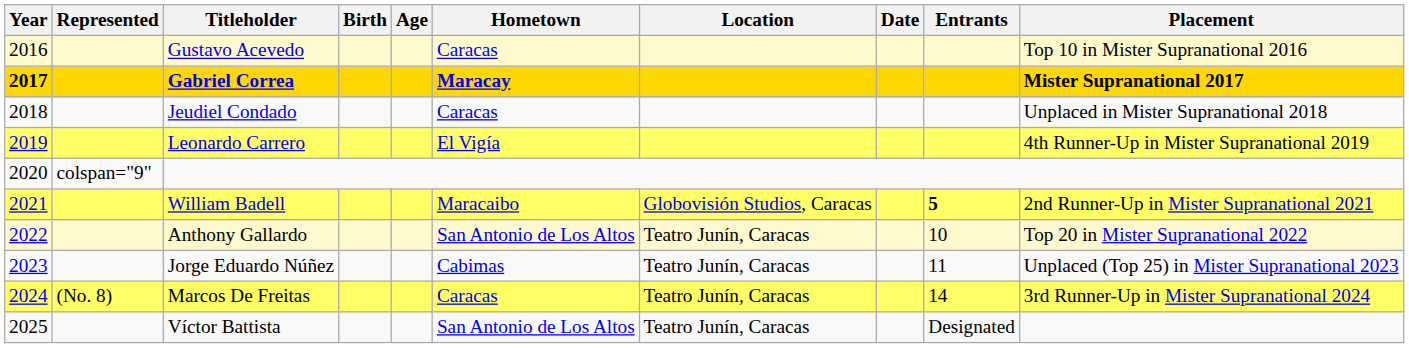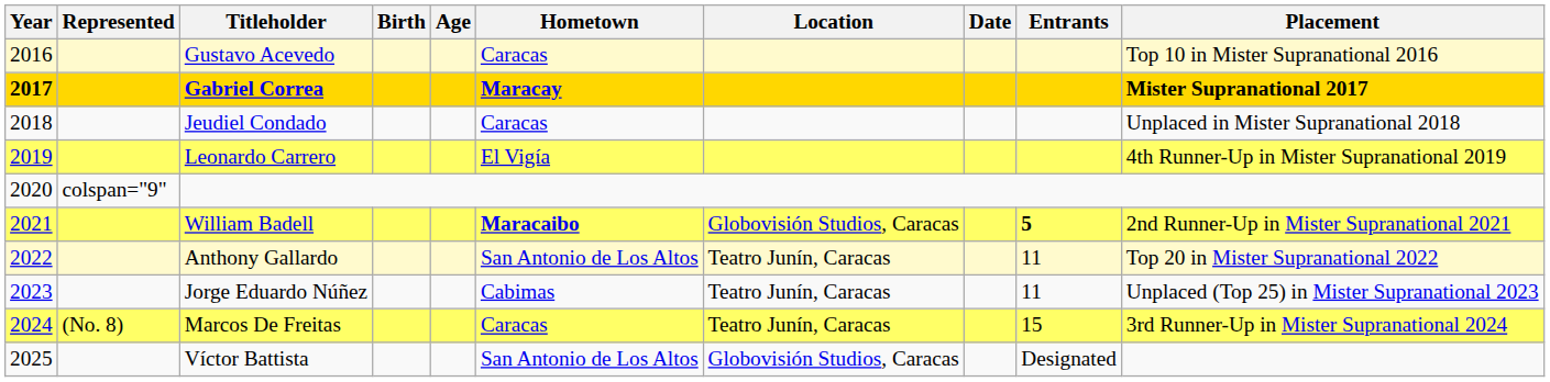 <table class="wikitable sortable" style="margin: 0 1em 0 0; background: #f9f9f9; border: 1px #aaa solid; border-collapse: collapse; font-size: 94%;">
 <tr>
 <th>Year</th>
 <th>Represented</th>
 <th>Titleholder</th>
 <th>Birth</th>
 <th>Age</th>
 <th>Hometown</th>
 <th>Location</th>
 <th>Date</th>
 <th>Entrants</th>
 <th>Placement</th>
 </tr>
 <tr style="background-color:#FFFACD;">
 <td>2016</td>
 <td></td>
 <td><a href='#'>Gustavo Acevedo</a></td>
 <td></td>
 <td></td>
 <td><a href='#'>Caracas</a></td>
 <td></td>
 <td></td>
 <td></td>
 <td>Top 10 in Mister Supranational 2016</td>
 </tr>
 <tr style="background-color:gold; font-weight: bold ">
 <td>2017</td>
 <td></td>
 <td><a href='#'>Gabriel Correa</a></td>
 <td></td>
 <td></td>
 <td><a href='#'>Maracay</a></td>
 <td></td>
 <td></td>
 <td></td>
 <td>Mister Supranational 2017</td>
 </tr>
 <tr>
 <td>2018</td>
 <td></td>
 <td><a href='#'>Jeudiel Condado</a></td>
 <td></td>
 <td></td>
 <td><a href='#'>Caracas</a></td>
 <td></td>
 <td></td>
 <td></td>
 <td>Unplaced in Mister Supranational 2018</td>
 </tr>
 <tr style="background-color:#FFFF66;">
 <td><a href='#'>2019</a></td>
 <td></td>
 <td><a href='#'>Leonardo Carrero</a></td>
 <td></td>
 <td></td>
 <td><a href='#'>El Vigía</a></td>
 <td></td>
 <td></td>
 <td></td>
 <td>4th Runner-Up in Mister Supranational 2019</td>
 </tr>
 <tr>
 <td>2020</td>
 <td>colspan="9" </td>
 </tr>
 <tr style="background-color:#FFFF66;">
 <td><a href='#'>2021</a></td>
 <td></td>
 <td><a href='#'>William Badell</a></td>
 <td></td>
 <td></td>
-<td><a href='#'>Maracaibo</a></td>
+<td><strong><a href='#'>Maracaibo</a></strong></td>
 <td><a href='#'>Globovisión Studios</a>, Caracas</td>
 <td></td>
 <td><strong>5</strong></td>
 <td>2nd Runner-Up in <a href='#'>Mister Supranational 2021</a></td>
 </tr>
 <tr style="background-color:#FFFACD;">
 <td><a href='#'>2022</a></td>
 <td></td>
 <td>Anthony Gallardo</td>
 <td></td>
 <td></td>
 <td><a href='#'>San Antonio de Los Altos</a></td>
 <td>Teatro Junín, Caracas</td>
 <td></td>
-<td>10</td>
+<td>11</td>
 <td>Top 20 in <a href='#'>Mister Supranational 2022</a></td>
 </tr>
 <tr>
 <td><a href='#'>2023</a></td>
 <td></td>
 <td>Jorge Eduardo Núñez</td>
 <td></td>
 <td></td>
 <td><a href='#'>Cabimas</a></td>
 <td>Teatro Junín, Caracas</td>
 <td></td>
 <td>11</td>
 <td>Unplaced (Top 25) in <a href='#'>Mister Supranational 2023</a></td>
 </tr>
 <tr style="background-color:#FFFF66;">
 <td><a href='#'>2024</a></td>
 <td> (No. 8)</td>
 <td>Marcos De Freitas</td>
 <td></td>
 <td></td>
 <td><a href='#'>Caracas</a></td>
 <td>Teatro Junín, Caracas</td>
 <td></td>
-<td>14</td>
+<td>15</td>
 <td>3rd Runner-Up in <a href='#'>Mister Supranational 2024</a></td>
 </tr>
 <tr>
 <td>2025</td>
 <td></td>
 <td>Víctor Battista</td>
 <td></td>
 <td></td>
 <td><a href='#'>San Antonio de Los Altos</a></td>
-<td>Teatro Junín, Caracas</td>
+<td><a href='#'>Globovisión Studios</a>, Caracas</td>
 <td></td>
 <td>Designated</td>
 <td></td>
 </tr>
 </table>
